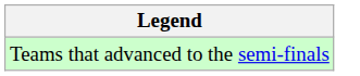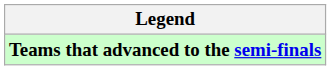 <table class="wikitable">
 <tr>
 <th>Legend</th>
 </tr>
 <tr bgcolor=#ccffcc>
-<td>Teams that advanced to the <a href='#'>semi-finals</a></td>
+<td><strong>Teams that advanced to the <a href='#'>semi-finals</a></strong></td>
 </tr>
 </table>
